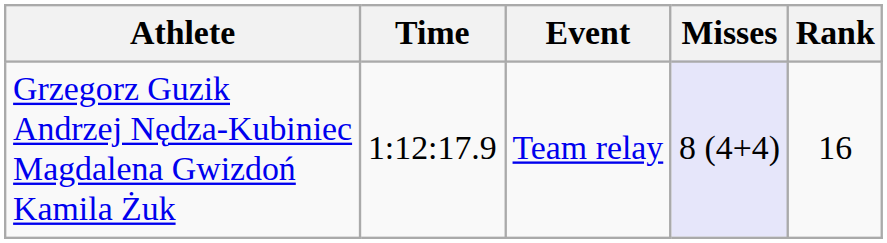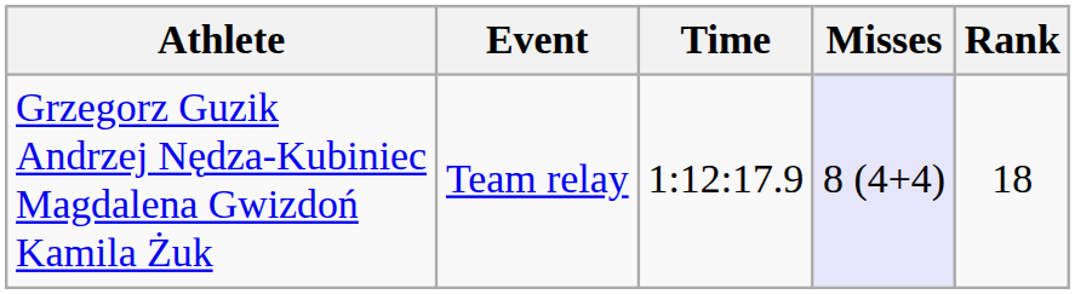 <table class="wikitable" style="font-size:90%">
 <tr>
 <th>Athlete</th>
+<th>Event</th>
 <th>Time</th>
-<th>Event</th>
 <th>Misses</th>
 <th>Rank</th>
 </tr>
 <tr align=center>
 <td align=left><a href='#'>Grzegorz Guzik</a><br><a href='#'>Andrzej Nędza-Kubiniec</a><br><a href='#'>Magdalena Gwizdoń</a><br><a href='#'>Kamila Żuk</a></td>
+<td align=left><a href='#'>Team relay</a></td>
 <td>1:12:17.9</td>
-<td align=left><a href='#'>Team relay</a></td>
 <td style="background: lavender;">8 (4+4)</td>
-<td>16</td>
+<td>18</td>
 </tr>
 </table>
